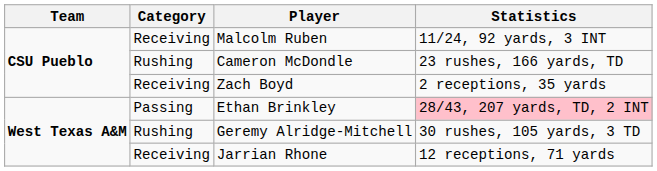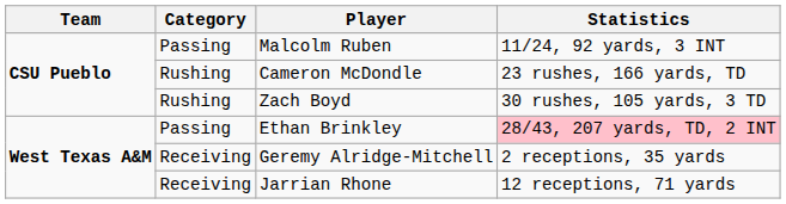 <table class="wikitable" style="float: right;">
 <tr>
 <th>Team</th>
 <th>Category</th>
 <th>Player</th>
 <th>Statistics</th>
 </tr>
 <tr>
 <td rowspan=3><strong>CSU Pueblo</strong></td>
-<td>Receiving</td>
+<td>Passing</td>
 <td>Malcolm Ruben</td>
 <td>11/24, 92 yards, 3 INT</td>
 </tr>
 <tr>
 <td>Rushing</td>
 <td>Cameron McDondle</td>
 <td>23 rushes, 166 yards, TD</td>
 </tr>
 <tr>
-<td>Receiving</td>
+<td>Rushing</td>
 <td>Zach Boyd</td>
-<td>2 receptions, 35 yards</td>
+<td>30 rushes, 105 yards, 3 TD</td>
 </tr>
 <tr>
 <td rowspan=3><strong>West Texas A&M</strong></td>
 <td>Passing</td>
 <td>Ethan Brinkley</td>
 <td style="background: pink;">28/43, 207 yards, TD, 2 INT</td>
 </tr>
 <tr>
-<td>Rushing</td>
+<td>Receiving</td>
 <td>Geremy Alridge-Mitchell</td>
-<td>30 rushes, 105 yards, 3 TD</td>
+<td>2 receptions, 35 yards</td>
 </tr>
 <tr>
 <td>Receiving</td>
 <td>Jarrian Rhone</td>
 <td>12 receptions, 71 yards</td>
 </tr>
 </table>
